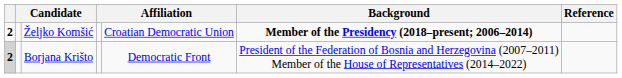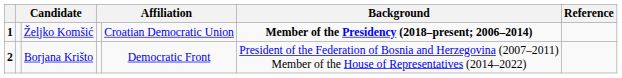 <table class="wikitable" style="text-align:center">
 <tr>
 <th></th>
 <th colspan="2">Candidate</th>
 <th colspan="2">Affiliation</th>
 <th>Background</th>
 <th>Reference</th>
 </tr>
 <tr>
-<td><strong>2</strong></td>
+<td><strong>1</strong></td>
 <td></td>
 <td><a href='#'>Željko Komšić</a></td>
 <td style="background:"></td>
 <td><a href='#'>Croatian Democratic Union</a></td>
 <td><strong>Member of the <a href='#'>Presidency</a> (2018–present; 2006–2014)</strong></td>
 <td></td>
 </tr>
 <tr>
-<td style="background: lightgrey;"><strong>2</strong></td>
+<td><strong>2</strong></td>
 <td></td>
 <td><a href='#'>Borjana Krišto</a></td>
 <td style="background:"></td>
 <td><a href='#'>Democratic Front</a></td>
 <td><a href='#'>President of the Federation of Bosnia and Herzegovina</a> (2007–2011) <br> Member of the <a href='#'>House of Representatives</a> (2014–2022)</td>
 <td></td>
 </tr>
 </table>
